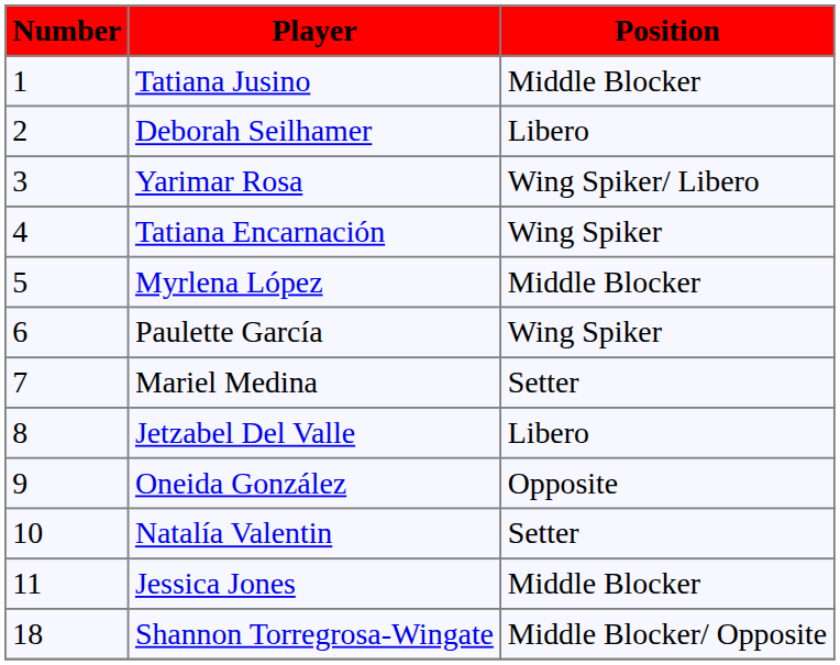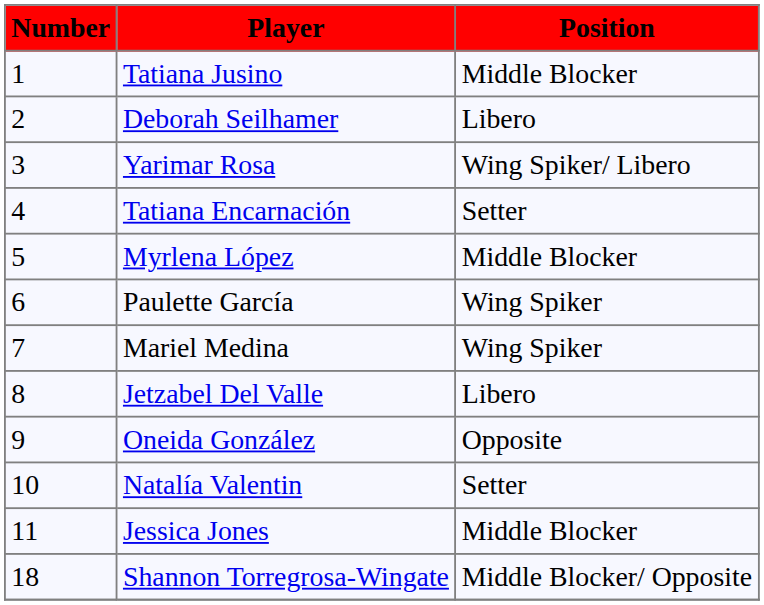 <table bgcolor="#f7f8ff" cellpadding="3" cellspacing="0" border="1" style="font-size: 95%; border: gray solid 1px; border-collapse: collapse;">
 <tr bgcolor="#ff0000">
 <td align=center><strong>Number</strong></td>
 <td align=center><strong>Player</strong></td>
 <td align=center><strong>Position</strong></td>
 </tr>
 <tr align="left">
 <td>1</td>
 <td> <a href='#'>Tatiana Jusino</a></td>
 <td>Middle Blocker</td>
 </tr>
 <tr align=left>
 <td>2</td>
 <td> <a href='#'>Deborah Seilhamer</a></td>
 <td>Libero</td>
 </tr>
 <tr align="left">
 <td>3</td>
 <td> <a href='#'>Yarimar Rosa</a></td>
 <td>Wing Spiker/ Libero</td>
 </tr>
 <tr align="left">
 <td>4</td>
 <td> <a href='#'>Tatiana Encarnación</a></td>
-<td>Wing Spiker</td>
+<td>Setter</td>
 </tr>
 <tr align="left">
 <td>5</td>
 <td> <a href='#'>Myrlena López</a></td>
 <td>Middle Blocker</td>
 </tr>
 <tr align="left">
 <td>6</td>
 <td> Paulette García</td>
 <td>Wing Spiker</td>
 </tr>
 <tr align="left">
 <td>7</td>
 <td> Mariel Medina</td>
-<td>Setter</td>
+<td>Wing Spiker</td>
 </tr>
 <tr align="left">
 <td>8</td>
 <td> <a href='#'>Jetzabel Del Valle</a></td>
 <td>Libero</td>
 </tr>
 <tr align="left">
 <td>9</td>
 <td> <a href='#'>Oneida González</a></td>
 <td>Opposite</td>
 </tr>
 <tr align="left">
 <td>10</td>
 <td> <a href='#'>Natalía Valentin</a></td>
 <td>Setter</td>
 </tr>
 <tr align="left">
 <td>11</td>
 <td> <a href='#'>Jessica Jones</a></td>
 <td>Middle Blocker</td>
 </tr>
 <tr align="left">
 <td>18</td>
 <td> <a href='#'>Shannon Torregrosa-Wingate</a></td>
 <td>Middle Blocker/ Opposite</td>
 </tr>
 <tr align="left">
 </tr>
 </table>
